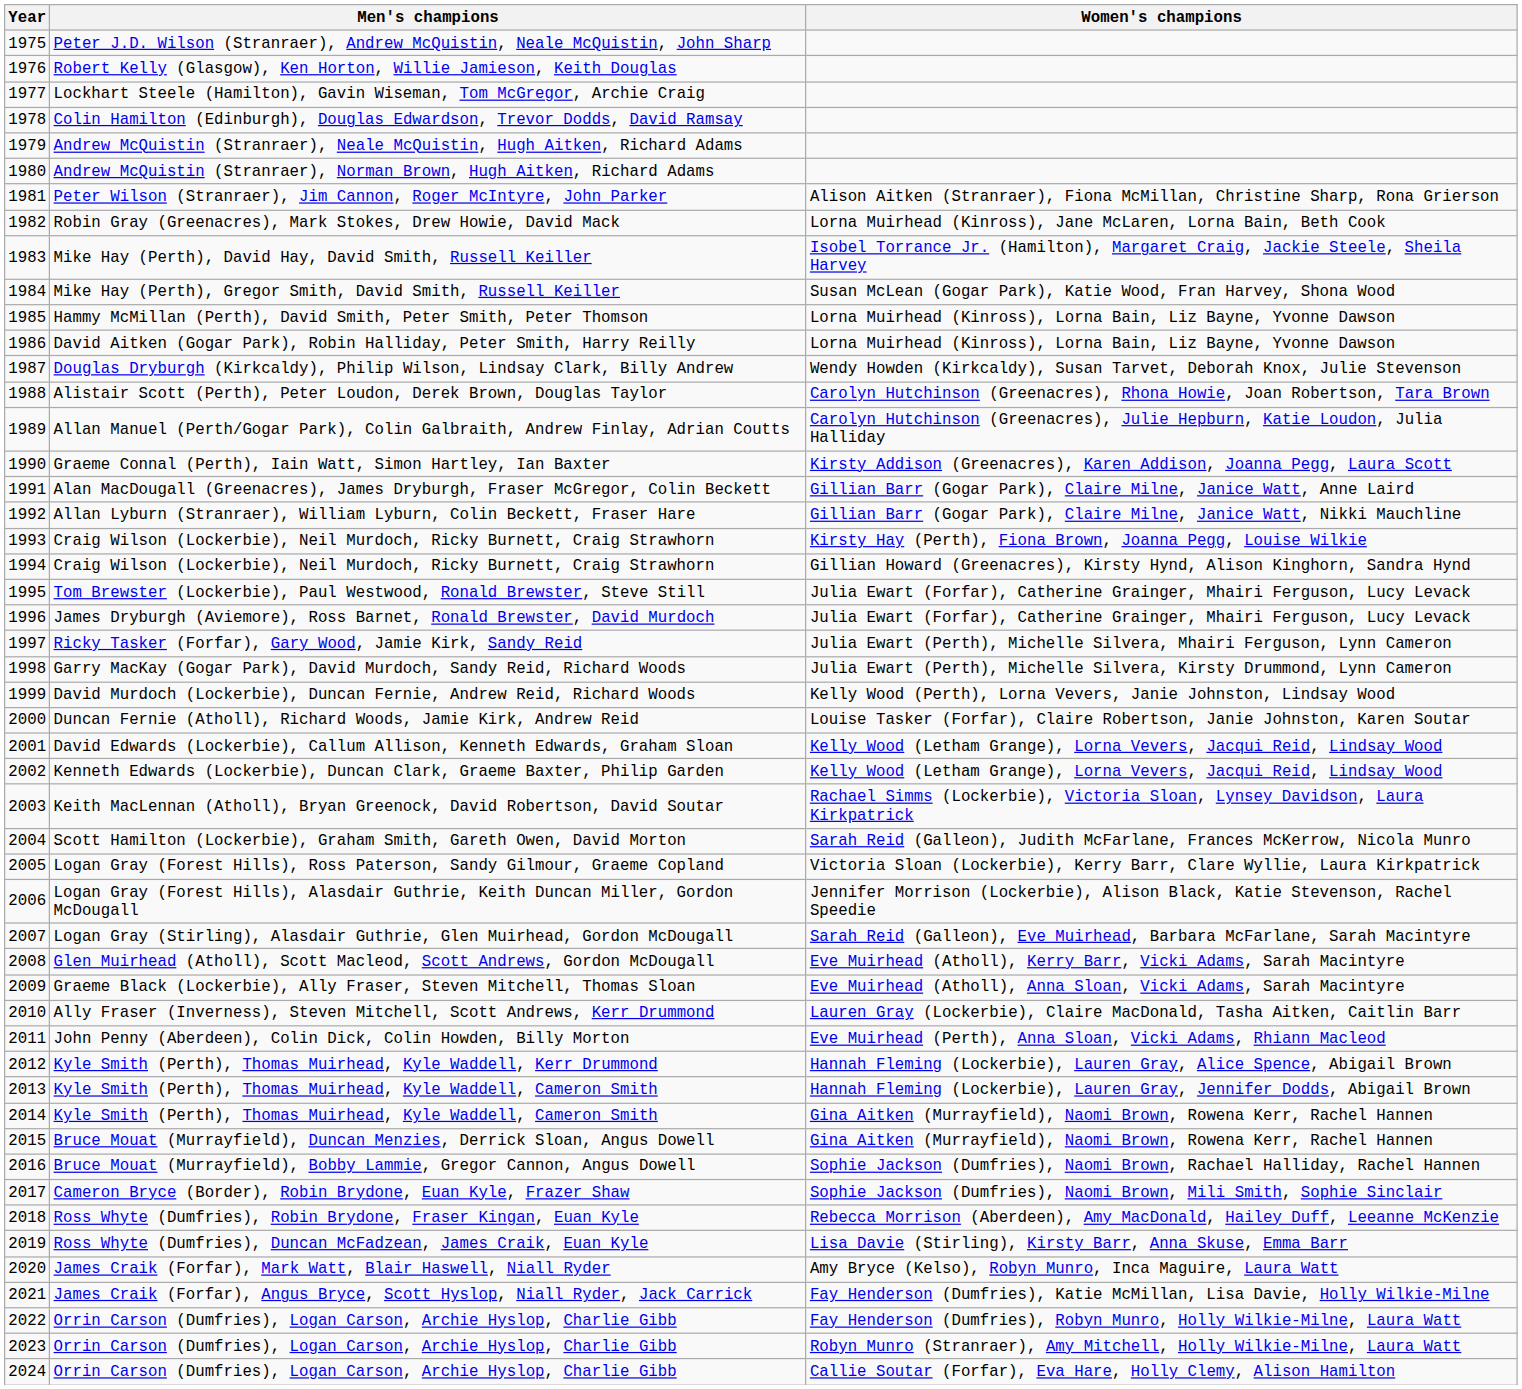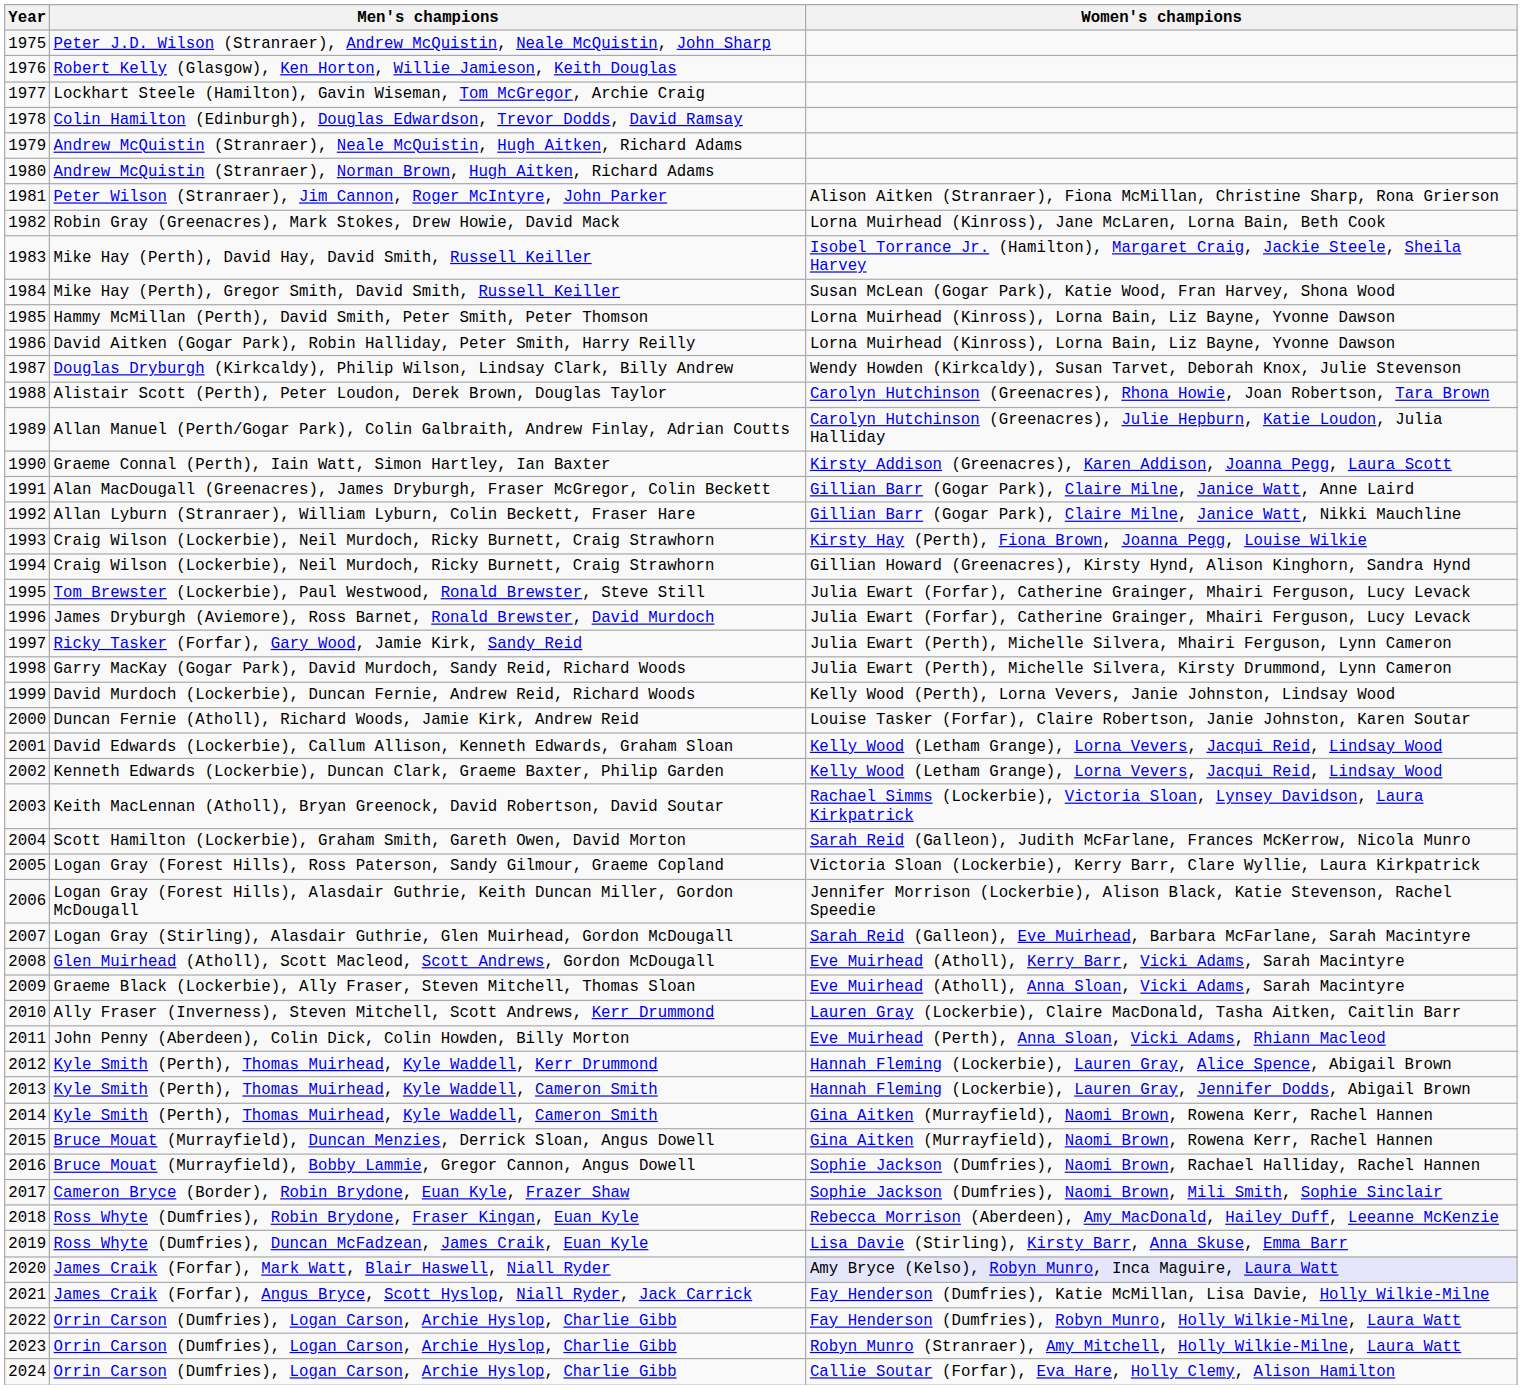 <table class="wikitable">
 <tr>
 <th scope="col">Year</th>
 <th scope="col">Men's champions</th>
 <th scope="col">Women's champions</th>
 </tr>
 <tr>
 <td>1975</td>
 <td><a href='#'>Peter J.D. Wilson</a> (Stranraer), <a href='#'>Andrew McQuistin</a>, <a href='#'>Neale McQuistin</a>, <a href='#'>John Sharp</a></td>
 <td></td>
 </tr>
 <tr>
 <td>1976</td>
 <td><a href='#'>Robert Kelly</a> (Glasgow), <a href='#'>Ken Horton</a>, <a href='#'>Willie Jamieson</a>, <a href='#'>Keith Douglas</a></td>
 <td></td>
 </tr>
 <tr>
 <td>1977</td>
 <td>Lockhart Steele (Hamilton), Gavin Wiseman, <a href='#'>Tom McGregor</a>, Archie Craig</td>
 <td></td>
 </tr>
 <tr>
 <td>1978</td>
 <td><a href='#'>Colin Hamilton</a> (Edinburgh), <a href='#'>Douglas Edwardson</a>, <a href='#'>Trevor Dodds</a>, <a href='#'>David Ramsay</a></td>
 <td></td>
 </tr>
 <tr>
 <td>1979</td>
 <td><a href='#'>Andrew McQuistin</a> (Stranraer), <a href='#'>Neale McQuistin</a>, <a href='#'>Hugh Aitken</a>, Richard Adams</td>
 <td></td>
 </tr>
 <tr>
 <td>1980</td>
 <td><a href='#'>Andrew McQuistin</a> (Stranraer), <a href='#'>Norman Brown</a>, <a href='#'>Hugh Aitken</a>, Richard Adams</td>
 <td></td>
 </tr>
 <tr>
 <td>1981</td>
 <td><a href='#'>Peter Wilson</a> (Stranraer), <a href='#'>Jim Cannon</a>, <a href='#'>Roger McIntyre</a>, <a href='#'>John Parker</a></td>
 <td>Alison Aitken (Stranraer), Fiona McMillan, Christine Sharp, Rona Grierson</td>
 </tr>
 <tr>
 <td>1982</td>
 <td>Robin Gray (Greenacres), Mark Stokes, Drew Howie, David Mack</td>
 <td>Lorna Muirhead (Kinross), Jane McLaren, Lorna Bain, Beth Cook</td>
 </tr>
 <tr>
 <td>1983</td>
 <td>Mike Hay (Perth), David Hay, David Smith, <a href='#'>Russell Keiller</a></td>
 <td><a href='#'>Isobel Torrance Jr.</a> (Hamilton), <a href='#'>Margaret Craig</a>, <a href='#'>Jackie Steele</a>, <a href='#'>Sheila Harvey</a></td>
 </tr>
 <tr>
 <td>1984</td>
 <td>Mike Hay (Perth), Gregor Smith, David Smith, <a href='#'>Russell Keiller</a></td>
 <td>Susan McLean (Gogar Park), Katie Wood, Fran Harvey, Shona Wood</td>
 </tr>
 <tr>
 <td>1985</td>
 <td>Hammy McMillan (Perth), David Smith, Peter Smith, Peter Thomson</td>
 <td>Lorna Muirhead (Kinross), Lorna Bain, Liz Bayne, Yvonne Dawson</td>
 </tr>
 <tr>
 <td>1986</td>
 <td>David Aitken (Gogar Park), Robin Halliday, Peter Smith, Harry Reilly</td>
 <td>Lorna Muirhead (Kinross), Lorna Bain, Liz Bayne, Yvonne Dawson</td>
 </tr>
 <tr>
 <td>1987</td>
 <td><a href='#'>Douglas Dryburgh</a> (Kirkcaldy), Philip Wilson, Lindsay Clark, Billy Andrew</td>
 <td>Wendy Howden (Kirkcaldy), Susan Tarvet, Deborah Knox, Julie Stevenson</td>
 </tr>
 <tr>
 <td>1988</td>
 <td>Alistair Scott (Perth), Peter Loudon, Derek Brown, Douglas Taylor</td>
 <td><a href='#'>Carolyn Hutchinson</a> (Greenacres), <a href='#'>Rhona Howie</a>, Joan Robertson, <a href='#'>Tara Brown</a></td>
 </tr>
 <tr>
 <td>1989</td>
 <td>Allan Manuel (Perth/Gogar Park), Colin Galbraith, Andrew Finlay, Adrian Coutts</td>
 <td><a href='#'>Carolyn Hutchinson</a> (Greenacres), <a href='#'>Julie Hepburn</a>, <a href='#'>Katie Loudon</a>, Julia Halliday</td>
 </tr>
 <tr>
 <td>1990</td>
 <td>Graeme Connal (Perth), Iain Watt, Simon Hartley, Ian Baxter</td>
 <td><a href='#'>Kirsty Addison</a> (Greenacres), <a href='#'>Karen Addison</a>, <a href='#'>Joanna Pegg</a>, <a href='#'>Laura Scott</a></td>
 </tr>
 <tr>
 <td>1991</td>
 <td>Alan MacDougall (Greenacres), James Dryburgh, Fraser McGregor, Colin Beckett</td>
 <td><a href='#'>Gillian Barr</a> (Gogar Park), <a href='#'>Claire Milne</a>, <a href='#'>Janice Watt</a>, Anne Laird</td>
 </tr>
 <tr>
 <td>1992</td>
 <td>Allan Lyburn (Stranraer), William Lyburn, Colin Beckett, Fraser Hare</td>
 <td><a href='#'>Gillian Barr</a> (Gogar Park), <a href='#'>Claire Milne</a>, <a href='#'>Janice Watt</a>, Nikki Mauchline</td>
 </tr>
 <tr>
 <td>1993</td>
 <td>Craig Wilson (Lockerbie), Neil Murdoch, Ricky Burnett, Craig Strawhorn</td>
 <td><a href='#'>Kirsty Hay</a> (Perth), <a href='#'>Fiona Brown</a>, <a href='#'>Joanna Pegg</a>, <a href='#'>Louise Wilkie</a></td>
 </tr>
 <tr>
 <td>1994</td>
 <td>Craig Wilson (Lockerbie), Neil Murdoch, Ricky Burnett, Craig Strawhorn</td>
 <td>Gillian Howard (Greenacres), Kirsty Hynd, Alison Kinghorn, Sandra Hynd</td>
 </tr>
 <tr>
 <td>1995</td>
 <td><a href='#'>Tom Brewster</a> (Lockerbie), Paul Westwood, <a href='#'>Ronald Brewster</a>, Steve Still</td>
 <td>Julia Ewart (Forfar), Catherine Grainger, Mhairi Ferguson, Lucy Levack</td>
 </tr>
 <tr>
 <td>1996</td>
 <td>James Dryburgh (Aviemore), Ross Barnet, <a href='#'>Ronald Brewster</a>, <a href='#'>David Murdoch</a></td>
 <td>Julia Ewart (Forfar), Catherine Grainger, Mhairi Ferguson, Lucy Levack</td>
 </tr>
 <tr>
 <td>1997</td>
 <td><a href='#'>Ricky Tasker</a> (Forfar), <a href='#'>Gary Wood</a>, Jamie Kirk, <a href='#'>Sandy Reid</a></td>
 <td>Julia Ewart (Perth), Michelle Silvera, Mhairi Ferguson, Lynn Cameron</td>
 </tr>
 <tr>
 <td>1998</td>
 <td>Garry MacKay (Gogar Park), David Murdoch, Sandy Reid, Richard Woods</td>
 <td>Julia Ewart (Perth), Michelle Silvera, Kirsty Drummond, Lynn Cameron</td>
 </tr>
 <tr>
 <td>1999</td>
 <td>David Murdoch (Lockerbie), Duncan Fernie, Andrew Reid, Richard Woods</td>
 <td>Kelly Wood (Perth), Lorna Vevers, Janie Johnston, Lindsay Wood</td>
 </tr>
 <tr>
 <td>2000</td>
 <td>Duncan Fernie (Atholl), Richard Woods, Jamie Kirk, Andrew Reid</td>
 <td>Louise Tasker (Forfar), Claire Robertson, Janie Johnston, Karen Soutar</td>
 </tr>
 <tr>
 <td>2001</td>
 <td>David Edwards (Lockerbie), Callum Allison, Kenneth Edwards, Graham Sloan</td>
 <td><a href='#'>Kelly Wood</a> (Letham Grange), <a href='#'>Lorna Vevers</a>, <a href='#'>Jacqui Reid</a>, <a href='#'>Lindsay Wood</a></td>
 </tr>
 <tr>
 <td>2002</td>
 <td>Kenneth Edwards (Lockerbie), Duncan Clark, Graeme Baxter, Philip Garden</td>
 <td><a href='#'>Kelly Wood</a> (Letham Grange), <a href='#'>Lorna Vevers</a>, <a href='#'>Jacqui Reid</a>, <a href='#'>Lindsay Wood</a></td>
 </tr>
 <tr>
 <td>2003</td>
 <td>Keith MacLennan (Atholl), Bryan Greenock, David Robertson, David Soutar</td>
 <td><a href='#'>Rachael Simms</a> (Lockerbie), <a href='#'>Victoria Sloan</a>, <a href='#'>Lynsey Davidson</a>, <a href='#'>Laura Kirkpatrick</a></td>
 </tr>
 <tr>
 <td>2004</td>
 <td>Scott Hamilton (Lockerbie), Graham Smith, Gareth Owen, David Morton</td>
 <td><a href='#'>Sarah Reid</a> (Galleon), Judith McFarlane, Frances McKerrow, Nicola Munro</td>
 </tr>
 <tr>
 <td>2005</td>
 <td>Logan Gray (Forest Hills), Ross Paterson, Sandy Gilmour, Graeme Copland</td>
 <td>Victoria Sloan (Lockerbie), Kerry Barr, Clare Wyllie, Laura Kirkpatrick</td>
 </tr>
 <tr>
 <td>2006</td>
 <td>Logan Gray (Forest Hills), Alasdair Guthrie, Keith Duncan Miller, Gordon McDougall</td>
 <td>Jennifer Morrison (Lockerbie), Alison Black, Katie Stevenson, Rachel Speedie</td>
 </tr>
 <tr>
 <td>2007</td>
 <td>Logan Gray (Stirling), Alasdair Guthrie, Glen Muirhead, Gordon McDougall</td>
 <td><a href='#'>Sarah Reid</a> (Galleon), <a href='#'>Eve Muirhead</a>, Barbara McFarlane, Sarah Macintyre</td>
 </tr>
 <tr>
 <td>2008</td>
 <td><a href='#'>Glen Muirhead</a> (Atholl), Scott Macleod, <a href='#'>Scott Andrews</a>, Gordon McDougall</td>
 <td><a href='#'>Eve Muirhead</a> (Atholl), <a href='#'>Kerry Barr</a>, <a href='#'>Vicki Adams</a>, Sarah Macintyre</td>
 </tr>
 <tr>
 <td>2009</td>
 <td>Graeme Black (Lockerbie), Ally Fraser, Steven Mitchell, Thomas Sloan</td>
 <td><a href='#'>Eve Muirhead</a> (Atholl), <a href='#'>Anna Sloan</a>, <a href='#'>Vicki Adams</a>, Sarah Macintyre</td>
 </tr>
 <tr>
 <td>2010</td>
 <td>Ally Fraser (Inverness), Steven Mitchell, Scott Andrews, <a href='#'>Kerr Drummond</a></td>
 <td><a href='#'>Lauren Gray</a> (Lockerbie), Claire MacDonald, Tasha Aitken, Caitlin Barr</td>
 </tr>
 <tr>
 <td>2011</td>
 <td>John Penny (Aberdeen), Colin Dick, Colin Howden, Billy Morton</td>
 <td><a href='#'>Eve Muirhead</a> (Perth), <a href='#'>Anna Sloan</a>, <a href='#'>Vicki Adams</a>, <a href='#'>Rhiann Macleod</a></td>
 </tr>
 <tr>
 <td>2012</td>
 <td><a href='#'>Kyle Smith</a> (Perth), <a href='#'>Thomas Muirhead</a>, <a href='#'>Kyle Waddell</a>, <a href='#'>Kerr Drummond</a></td>
 <td><a href='#'>Hannah Fleming</a> (Lockerbie), <a href='#'>Lauren Gray</a>, <a href='#'>Alice Spence</a>, Abigail Brown</td>
 </tr>
 <tr>
 <td>2013</td>
 <td><a href='#'>Kyle Smith</a> (Perth), <a href='#'>Thomas Muirhead</a>, <a href='#'>Kyle Waddell</a>, <a href='#'>Cameron Smith</a></td>
 <td><a href='#'>Hannah Fleming</a> (Lockerbie), <a href='#'>Lauren Gray</a>, <a href='#'>Jennifer Dodds</a>, Abigail Brown</td>
 </tr>
 <tr>
 <td>2014</td>
 <td><a href='#'>Kyle Smith</a> (Perth), <a href='#'>Thomas Muirhead</a>, <a href='#'>Kyle Waddell</a>, <a href='#'>Cameron Smith</a></td>
 <td><a href='#'>Gina Aitken</a> (Murrayfield), <a href='#'>Naomi Brown</a>, Rowena Kerr, Rachel Hannen</td>
 </tr>
 <tr>
 <td>2015</td>
 <td><a href='#'>Bruce Mouat</a> (Murrayfield), <a href='#'>Duncan Menzies</a>, Derrick Sloan, Angus Dowell</td>
 <td><a href='#'>Gina Aitken</a> (Murrayfield), <a href='#'>Naomi Brown</a>, Rowena Kerr, Rachel Hannen</td>
 </tr>
 <tr>
 <td>2016</td>
 <td><a href='#'>Bruce Mouat</a> (Murrayfield), <a href='#'>Bobby Lammie</a>, Gregor Cannon, Angus Dowell</td>
 <td><a href='#'>Sophie Jackson</a> (Dumfries), <a href='#'>Naomi Brown</a>, Rachael Halliday, Rachel Hannen</td>
 </tr>
 <tr>
 <td>2017</td>
 <td><a href='#'>Cameron Bryce</a> (Border), <a href='#'>Robin Brydone</a>, <a href='#'>Euan Kyle</a>, <a href='#'>Frazer Shaw</a></td>
 <td><a href='#'>Sophie Jackson</a> (Dumfries), <a href='#'>Naomi Brown</a>, <a href='#'>Mili Smith</a>, <a href='#'>Sophie Sinclair</a></td>
 </tr>
 <tr>
 <td>2018</td>
 <td><a href='#'>Ross Whyte</a> (Dumfries), <a href='#'>Robin Brydone</a>, <a href='#'>Fraser Kingan</a>, <a href='#'>Euan Kyle</a></td>
 <td><a href='#'>Rebecca Morrison</a> (Aberdeen), <a href='#'>Amy MacDonald</a>, <a href='#'>Hailey Duff</a>, <a href='#'>Leeanne McKenzie</a></td>
 </tr>
 <tr>
 <td>2019</td>
 <td><a href='#'>Ross Whyte</a> (Dumfries), <a href='#'>Duncan McFadzean</a>, <a href='#'>James Craik</a>, <a href='#'>Euan Kyle</a></td>
 <td><a href='#'>Lisa Davie</a> (Stirling), <a href='#'>Kirsty Barr</a>, <a href='#'>Anna Skuse</a>, <a href='#'>Emma Barr</a></td>
 </tr>
 <tr>
 <td>2020</td>
 <td><a href='#'>James Craik</a> (Forfar), <a href='#'>Mark Watt</a>, <a href='#'>Blair Haswell</a>, <a href='#'>Niall Ryder</a></td>
-<td>Amy Bryce (Kelso), <a href='#'>Robyn Munro</a>, Inca Maguire, <a href='#'>Laura Watt</a></td>
+<td style="background: lavender;">Amy Bryce (Kelso), <a href='#'>Robyn Munro</a>, Inca Maguire, <a href='#'>Laura Watt</a></td>
 </tr>
 <tr>
 <td>2021</td>
 <td><a href='#'>James Craik</a> (Forfar), <a href='#'>Angus Bryce</a>, <a href='#'>Scott Hyslop</a>, <a href='#'>Niall Ryder</a>, <a href='#'>Jack Carrick</a></td>
 <td><a href='#'>Fay Henderson</a> (Dumfries), Katie McMillan, Lisa Davie, <a href='#'>Holly Wilkie-Milne</a></td>
 </tr>
 <tr>
 <td>2022</td>
 <td><a href='#'>Orrin Carson</a> (Dumfries), <a href='#'>Logan Carson</a>, <a href='#'>Archie Hyslop</a>, <a href='#'>Charlie Gibb</a></td>
 <td><a href='#'>Fay Henderson</a> (Dumfries), <a href='#'>Robyn Munro</a>, <a href='#'>Holly Wilkie-Milne</a>, <a href='#'>Laura Watt</a></td>
 </tr>
 <tr>
 <td>2023</td>
 <td><a href='#'>Orrin Carson</a> (Dumfries), <a href='#'>Logan Carson</a>, <a href='#'>Archie Hyslop</a>, <a href='#'>Charlie Gibb</a></td>
 <td><a href='#'>Robyn Munro</a> (Stranraer), <a href='#'>Amy Mitchell</a>, <a href='#'>Holly Wilkie-Milne</a>, <a href='#'>Laura Watt</a></td>
 </tr>
 <tr>
 <td>2024</td>
 <td><a href='#'>Orrin Carson</a> (Dumfries), <a href='#'>Logan Carson</a>, <a href='#'>Archie Hyslop</a>, <a href='#'>Charlie Gibb</a></td>
 <td><a href='#'>Callie Soutar</a> (Forfar), <a href='#'>Eva Hare</a>, <a href='#'>Holly Clemy</a>, <a href='#'>Alison Hamilton</a></td>
 </tr>
 </table>
